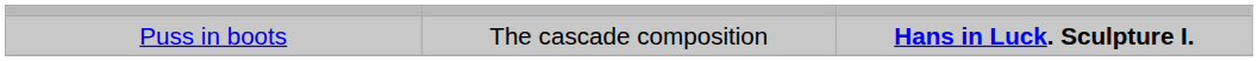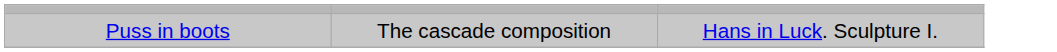 <table class="wikitable" style="text-align:center">
 <tr>
 <td width="25%" style="background:#B8B8B8"></td>
 <td width="25%" style="background:#B8B8B8"></td>
 <td width="25%" style="background:#B8B8B8"></td>
 </tr>
 <tr>
 <td style="background:#C8C8C8"><a href='#'>Puss in boots</a></td>
 <td style="background:#C8C8C8">The cascade composition</td>
-<td style="background:#C8C8C8"><strong><a href='#'>Hans in Luck</a>. Sculpture I.</strong></td>
+<td style="background:#C8C8C8"><a href='#'>Hans in Luck</a>. Sculpture I.</td>
 </tr>
 <tr>
 </tr>
 </table>
